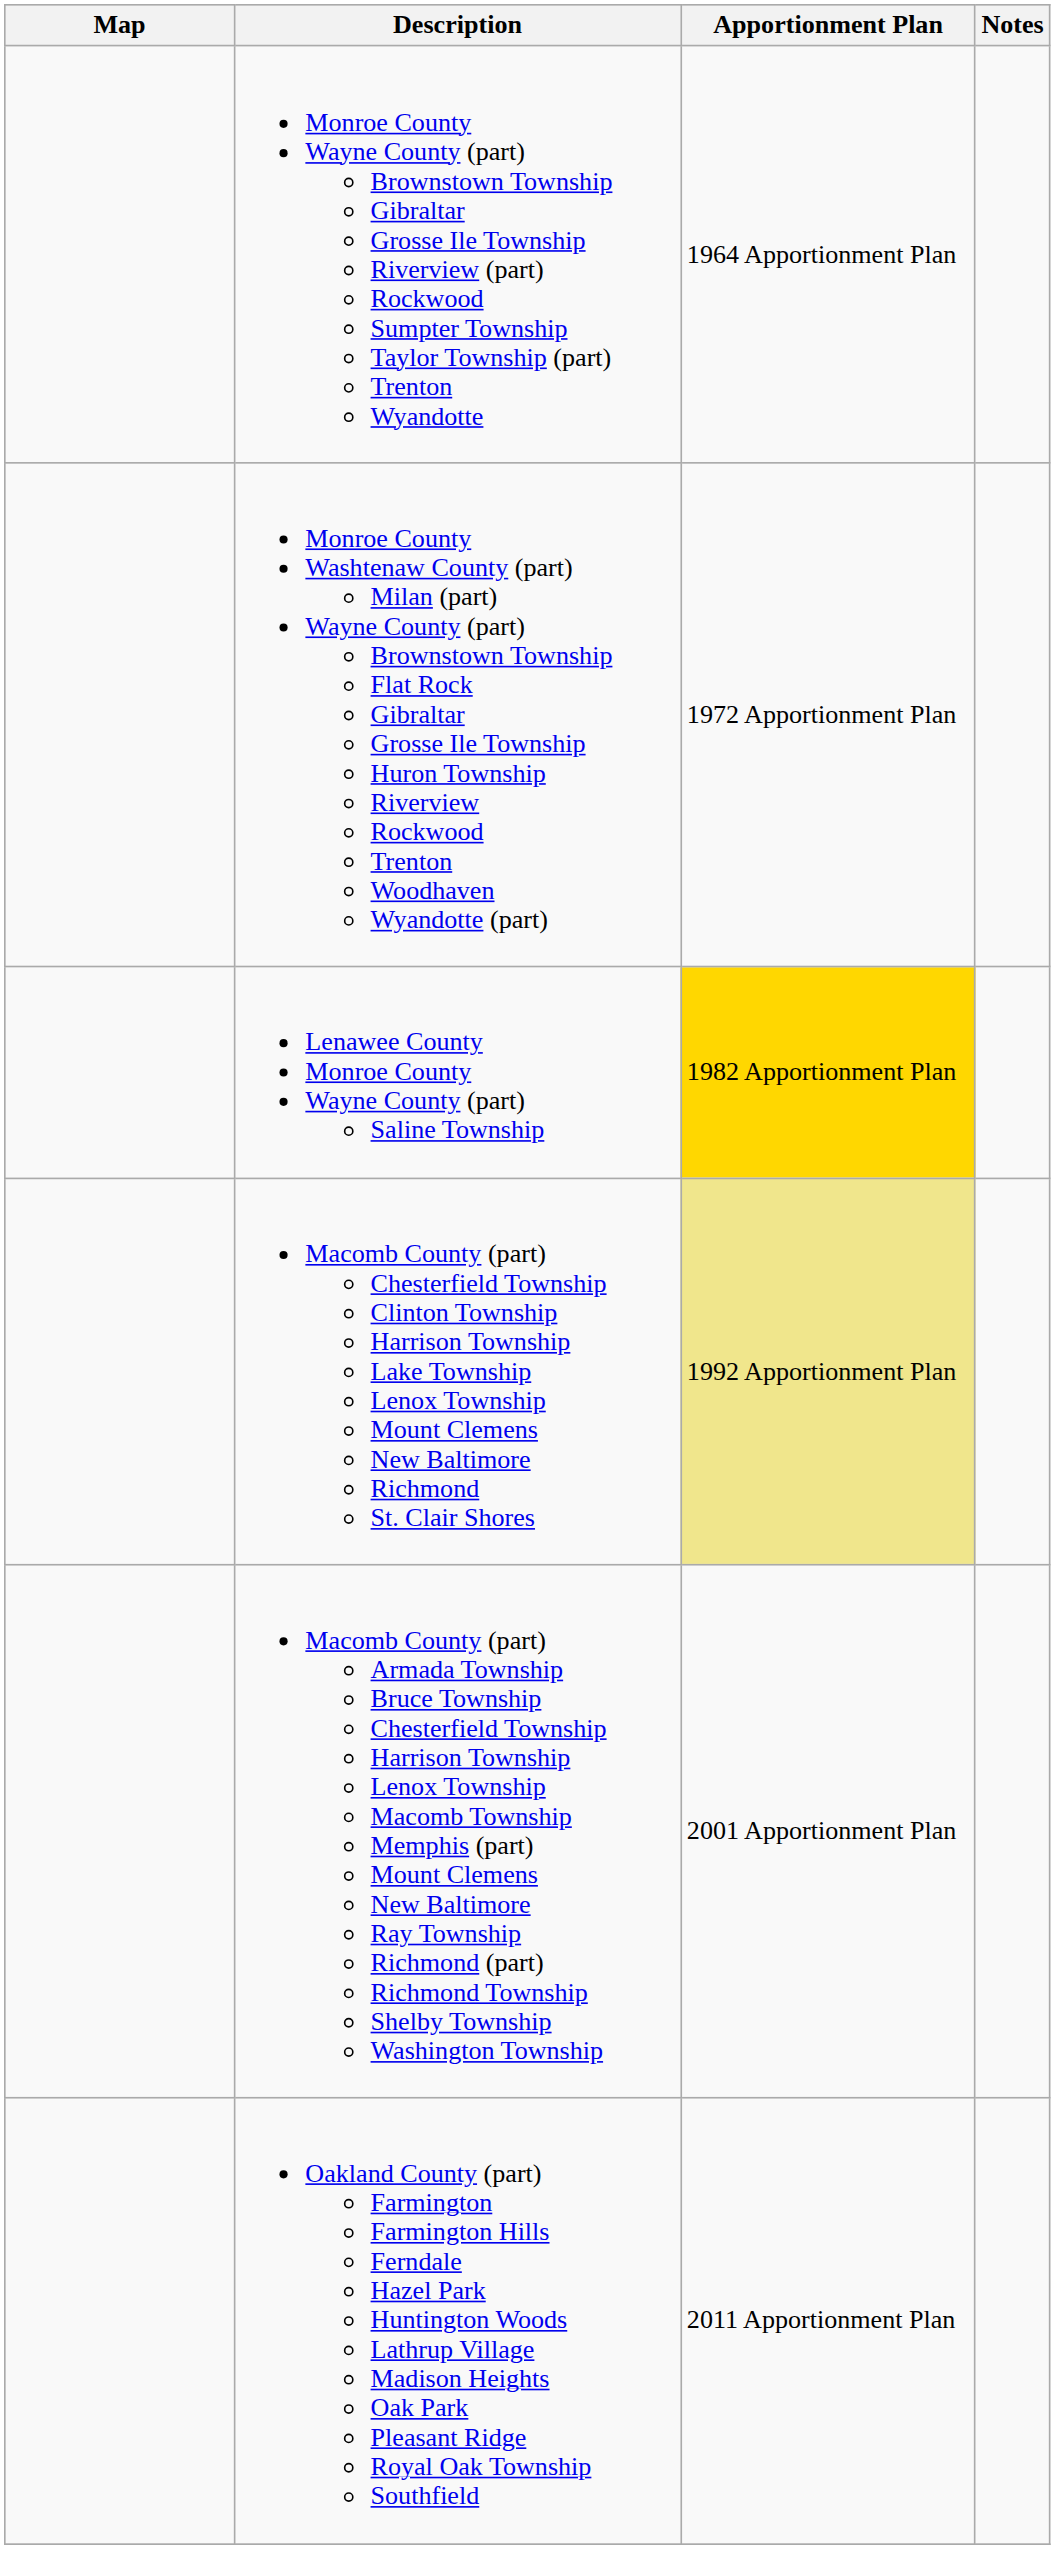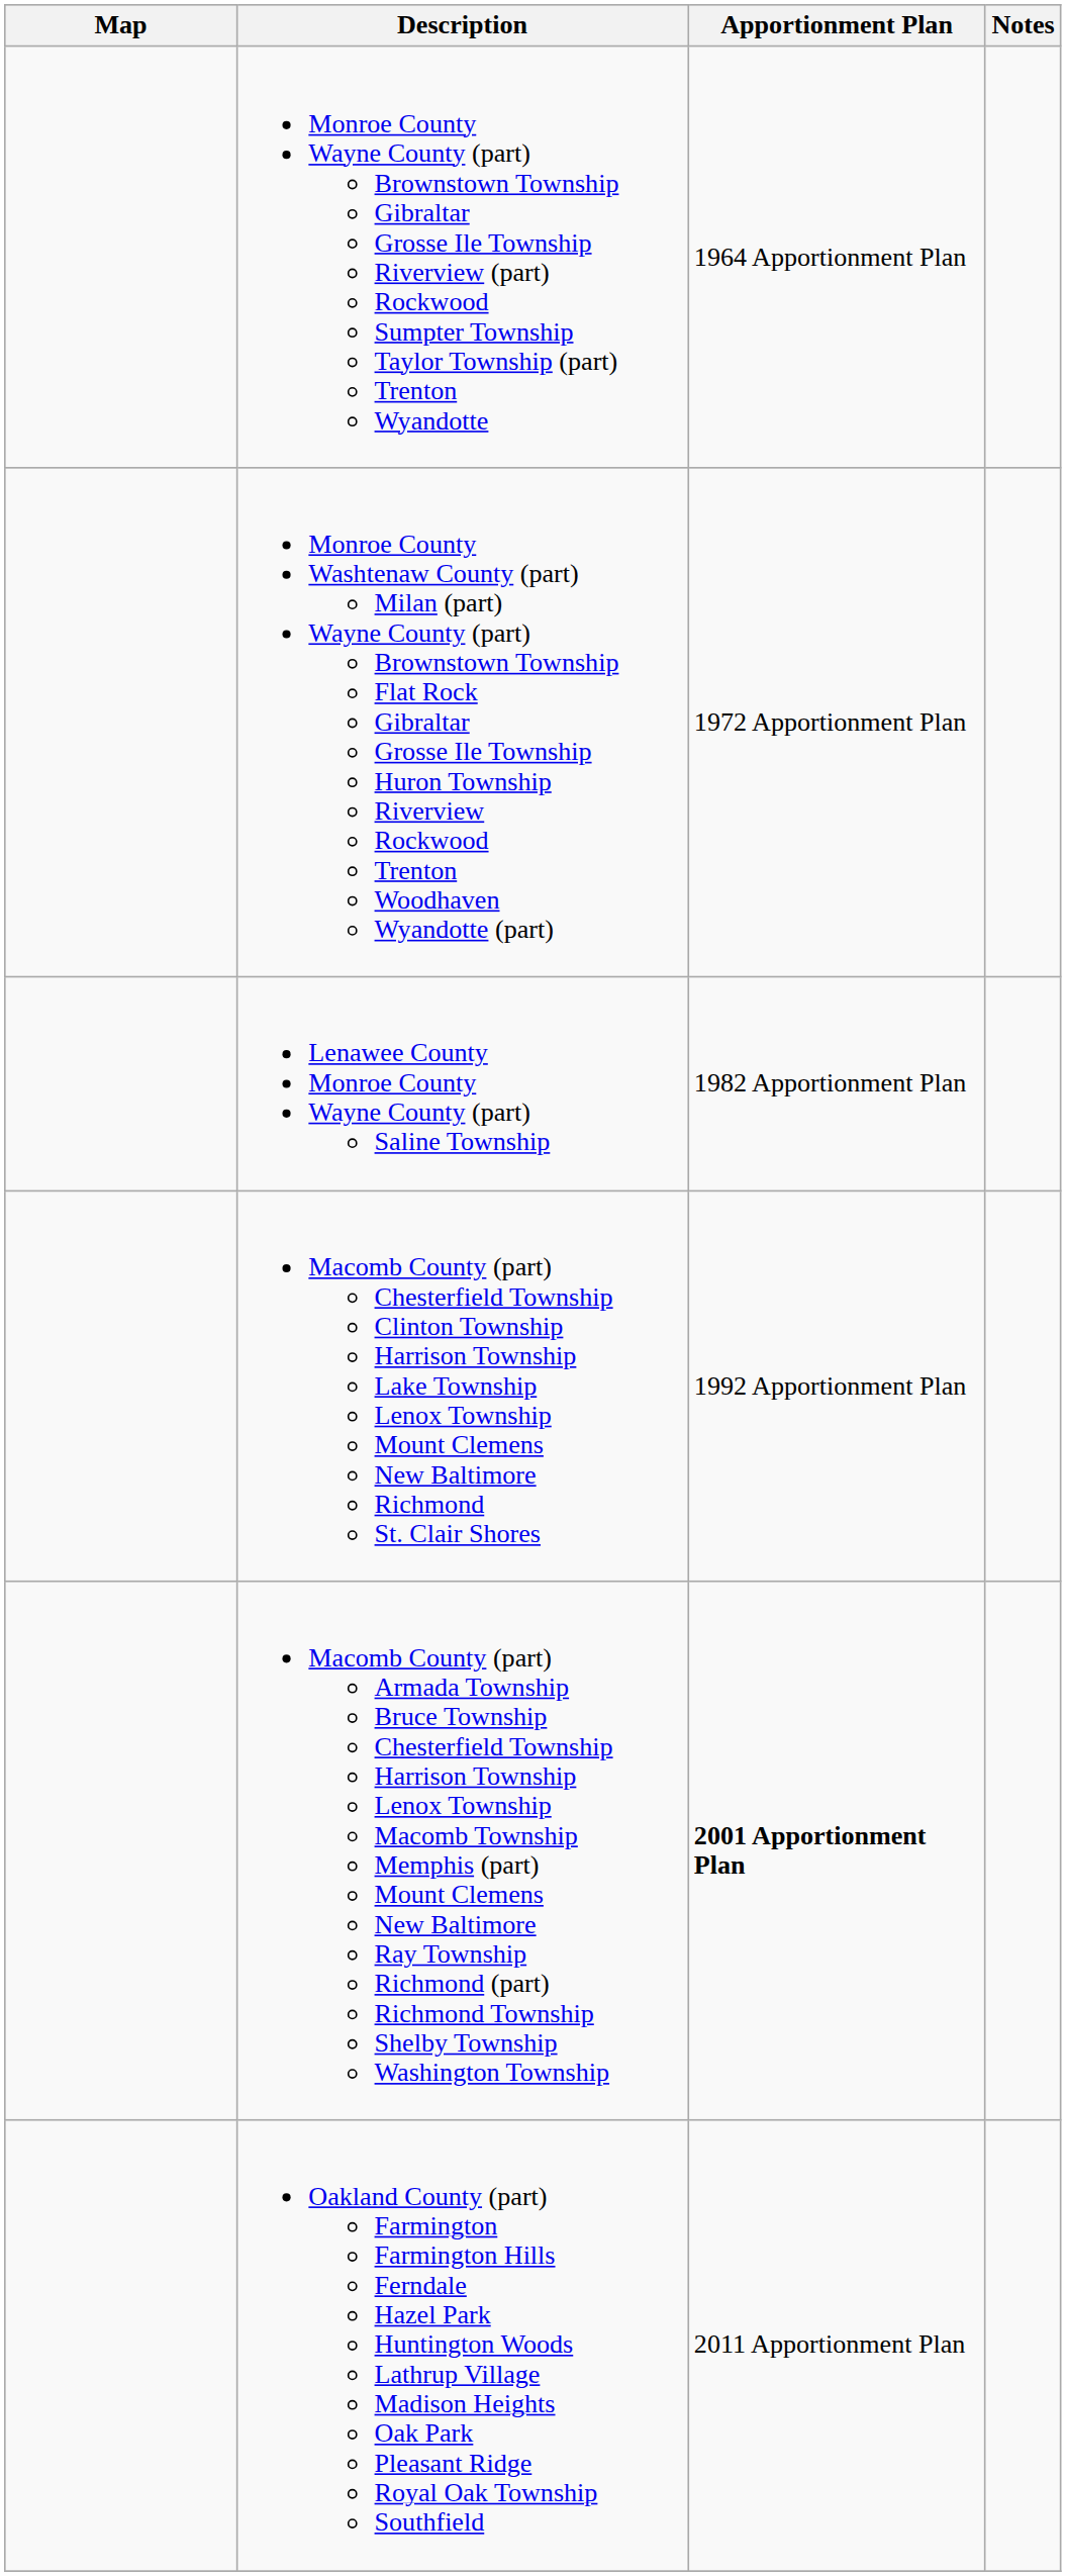 <table class="wikitable sortable">
 <tr>
 <th style="width:100pt;">Map</th>
 <th style="width:200pt;">Description</th>
 <th style="width:130pt;">Apportionment Plan</th>
 <th style="width:15pt;">Notes</th>
 </tr>
 <tr>
 <td></td>
 <td><br><ul><li><a href='#'>Monroe County</a></li><li><a href='#'>Wayne County</a> (part)<ul><li><a href='#'>Brownstown Township</a></li><li><a href='#'>Gibraltar</a></li><li><a href='#'>Grosse Ile Township</a></li><li><a href='#'>Riverview</a> (part)</li><li><a href='#'>Rockwood</a></li><li><a href='#'>Sumpter Township</a></li><li><a href='#'>Taylor Township</a> (part)</li><li><a href='#'>Trenton</a></li><li><a href='#'>Wyandotte</a></li></ul></li></ul></td>
 <td>1964 Apportionment Plan</td>
 <td></td>
 </tr>
 <tr>
 <td></td>
 <td><br><ul><li><a href='#'>Monroe County</a></li><li><a href='#'>Washtenaw County</a> (part)<ul><li><a href='#'>Milan</a> (part)</li></ul></li><li><a href='#'>Wayne County</a> (part)<ul><li><a href='#'>Brownstown Township</a></li><li><a href='#'>Flat Rock</a></li><li><a href='#'>Gibraltar</a></li><li><a href='#'>Grosse Ile Township</a></li><li><a href='#'>Huron Township</a></li><li><a href='#'>Riverview</a></li><li><a href='#'>Rockwood</a></li><li><a href='#'>Trenton</a></li><li><a href='#'>Woodhaven</a></li><li><a href='#'>Wyandotte</a> (part)</li></ul></li></ul></td>
 <td>1972 Apportionment Plan</td>
 <td></td>
 </tr>
 <tr>
 <td></td>
 <td><br><ul><li><a href='#'>Lenawee County</a></li><li><a href='#'>Monroe County</a></li><li><a href='#'>Wayne County</a> (part)<ul><li><a href='#'>Saline Township</a></li></ul></li></ul></td>
-<td style="background: gold;">1982 Apportionment Plan</td>
+<td>1982 Apportionment Plan</td>
 <td></td>
 </tr>
 <tr>
 <td></td>
 <td><br><ul><li><a href='#'>Macomb County</a> (part)<ul><li><a href='#'>Chesterfield Township</a></li><li><a href='#'>Clinton Township</a></li><li><a href='#'>Harrison Township</a></li><li><a href='#'>Lake Township</a></li><li><a href='#'>Lenox Township</a></li><li><a href='#'>Mount Clemens</a></li><li><a href='#'>New Baltimore</a></li><li><a href='#'>Richmond</a></li><li><a href='#'>St. Clair Shores</a></li></ul></li></ul></td>
-<td style="background: khaki;">1992 Apportionment Plan</td>
+<td>1992 Apportionment Plan</td>
 <td></td>
 </tr>
 <tr>
 <td></td>
 <td><br><ul><li><a href='#'>Macomb County</a> (part)<ul><li><a href='#'>Armada Township</a></li><li><a href='#'>Bruce Township</a></li><li><a href='#'>Chesterfield Township</a></li><li><a href='#'>Harrison Township</a></li><li><a href='#'>Lenox Township</a></li><li><a href='#'>Macomb Township</a></li><li><a href='#'>Memphis</a> (part)</li><li><a href='#'>Mount Clemens</a></li><li><a href='#'>New Baltimore</a></li><li><a href='#'>Ray Township</a></li><li><a href='#'>Richmond</a> (part)</li><li><a href='#'>Richmond Township</a></li><li><a href='#'>Shelby Township</a></li><li><a href='#'>Washington Township</a></li></ul></li></ul></td>
-<td>2001 Apportionment Plan</td>
+<td><strong>2001 Apportionment Plan</strong></td>
 <td></td>
 </tr>
 <tr>
 <td></td>
 <td><br><ul><li><a href='#'>Oakland County</a> (part)<ul><li><a href='#'>Farmington</a></li><li><a href='#'>Farmington Hills</a></li><li><a href='#'>Ferndale</a></li><li><a href='#'>Hazel Park</a></li><li><a href='#'>Huntington Woods</a></li><li><a href='#'>Lathrup Village</a></li><li><a href='#'>Madison Heights</a></li><li><a href='#'>Oak Park</a></li><li><a href='#'>Pleasant Ridge</a></li><li><a href='#'>Royal Oak Township</a></li><li><a href='#'>Southfield</a></li></ul></li></ul></td>
 <td>2011 Apportionment Plan</td>
 <td></td>
 </tr>
 <tr>
 </tr>
 </table>
